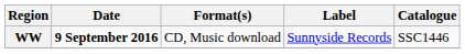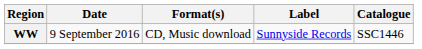 <table class="wikitable plainrowheaders">
 <tr>
 <th scope="col">Region</th>
 <th scope="col">Date</th>
 <th scope="col">Format(s)</th>
 <th scope="col">Label</th>
 <th scope="col">Catalogue</th>
 </tr>
 <tr>
 <th scope="row">WW</th>
-<td><strong>9 September 2016</strong></td>
+<td>9 September 2016</td>
 <td>CD, Music download</td>
 <td><a href='#'>Sunnyside Records</a></td>
 <td>SSC1446</td>
 </tr>
 <tr>
 </tr>
 </table>
